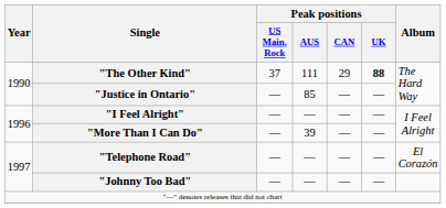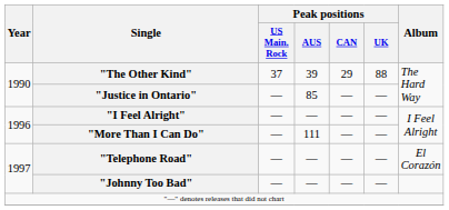 <table class="wikitable plainrowheaders" style="text-align:center;">
 <tr>
 <th rowspan="2">Year</th>
 <th rowspan="2" style="width:22em;">Single</th>
 <th colspan="4">Peak positions</th>
 <th rowspan="2">Album</th>
 </tr>
 <tr style="font-size:smaller;">
 <th width="45"><a href='#'>US Main. Rock</a><br></th>
 <th width="45"><a href='#'>AUS</a><br></th>
 <th width="45"><a href='#'>CAN</a><br></th>
 <th width="45"><a href='#'>UK</a><br></th>
 </tr>
 <tr>
 <td rowspan="2">1990</td>
 <th scope="row">"The Other Kind"</th>
 <td>37</td>
-<td>111</td>
+<td>39</td>
 <td>29</td>
-<td><strong>88</strong></td>
+<td>88</td>
 <td align="left" rowspan="2"><em>The Hard Way</em></td>
 </tr>
 <tr>
 <th scope="row">"Justice in Ontario"</th>
 <td>—</td>
 <td>85</td>
 <td>—</td>
 <td>—</td>
 </tr>
 <tr>
 <td rowspan="2">1996</td>
 <th scope="row">"I Feel Alright"</th>
 <td>—</td>
 <td>—</td>
 <td>—</td>
 <td>—</td>
 <td rowspan="2"><em>I Feel Alright</em></td>
 </tr>
 <tr>
 <th scope="row">"More Than I Can Do"</th>
 <td>—</td>
-<td>39</td>
+<td>111</td>
 <td>—</td>
 <td>—</td>
 </tr>
 <tr>
 <td rowspan="2">1997</td>
 <th scope="row">"Telephone Road"</th>
 <td>—</td>
 <td>—</td>
 <td>—</td>
 <td>—</td>
 <td><em>El Corazón</em></td>
 </tr>
 <tr>
 <th scope="row">"Johnny Too Bad" </th>
 <td>—</td>
 <td>—</td>
 <td>—</td>
 <td>—</td>
 <td></td>
 </tr>
 <tr>
 <td colspan="11" style="font-size:8pt">"—" denotes releases that did not chart</td>
 </tr>
 <tr>
 </tr>
 </table>
